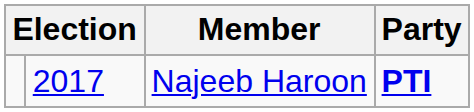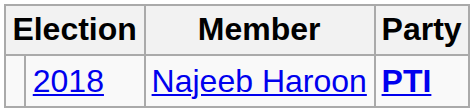 <table class="wikitable">
 <tr>
 <th colspan="2">Election</th>
 <th>Member</th>
 <th>Party</th>
 </tr>
 <tr>
 <td style="background-color: "></td>
-<td><a href='#'>2017</a></td>
+<td><a href='#'>2018</a></td>
 <td><a href='#'>Najeeb Haroon</a></td>
 <td><strong><a href='#'>PTI</a></strong></td>
 </tr>
 </table>
